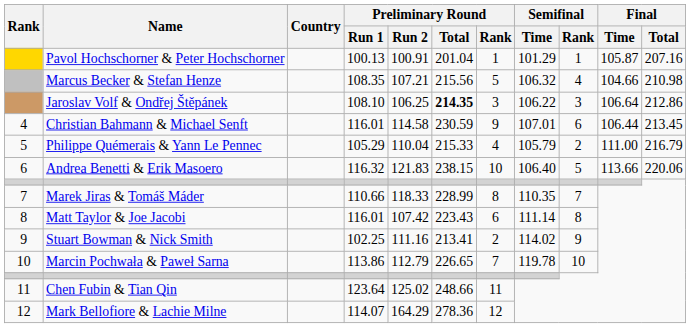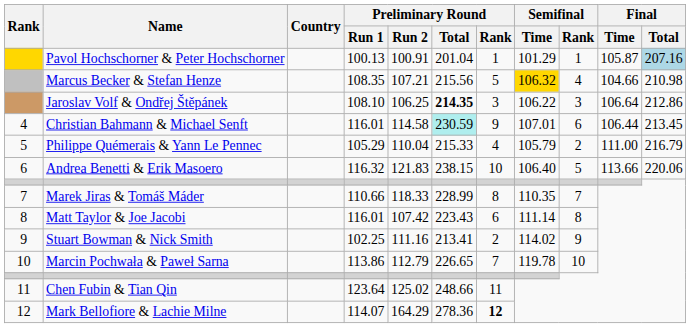 <table class="wikitable sortable" style="text-align:center">
 <tr>
 <th rowspan=2>Rank</th>
 <th rowspan=2>Name</th>
 <th rowspan=2>Country</th>
 <th colspan=4>Preliminary Round</th>
 <th colspan=2>Semifinal</th>
 <th colspan=2>Final</th>
 </tr>
 <tr>
 <th>Run 1</th>
 <th>Run 2</th>
 <th>Total</th>
 <th>Rank</th>
 <th>Time</th>
 <th>Rank</th>
 <th>Time</th>
 <th>Total</th>
 </tr>
 <tr>
 <td bgcolor=gold></td>
 <td align=left><a href='#'>Pavol Hochschorner</a> & <a href='#'>Peter Hochschorner</a></td>
 <td></td>
 <td>100.13</td>
 <td>100.91</td>
 <td>201.04</td>
 <td>1</td>
 <td>101.29</td>
 <td>1</td>
 <td>105.87</td>
-<td>207.16</td>
+<td style="background: lightblue;">207.16</td>
 </tr>
 <tr>
 <td bgcolor=silver></td>
 <td align=left><a href='#'>Marcus Becker</a> & <a href='#'>Stefan Henze</a></td>
 <td></td>
 <td>108.35</td>
 <td>107.21</td>
 <td>215.56</td>
 <td>5</td>
-<td>106.32</td>
+<td style="background: gold;">106.32</td>
 <td>4</td>
 <td>104.66</td>
 <td>210.98</td>
 </tr>
 <tr>
 <td bgcolor=cc9966></td>
 <td align=left><a href='#'>Jaroslav Volf</a> & <a href='#'>Ondřej Štěpánek</a></td>
 <td></td>
 <td>108.10</td>
 <td>106.25</td>
 <td><strong>214.35</strong></td>
 <td>3</td>
 <td>106.22</td>
 <td>3</td>
 <td>106.64</td>
 <td>212.86</td>
 </tr>
 <tr>
 <td>4</td>
 <td align=left><a href='#'>Christian Bahmann</a> & <a href='#'>Michael Senft</a></td>
 <td></td>
 <td>116.01</td>
 <td>114.58</td>
-<td>230.59</td>
+<td style="background: paleturquoise;">230.59</td>
 <td>9</td>
 <td>107.01</td>
 <td>6</td>
 <td>106.44</td>
 <td>213.45</td>
 </tr>
 <tr>
 <td>5</td>
 <td align=left><a href='#'>Philippe Quémerais</a> & <a href='#'>Yann Le Pennec</a></td>
 <td></td>
 <td>105.29</td>
 <td>110.04</td>
 <td>215.33</td>
 <td>4</td>
 <td>105.79</td>
 <td>2</td>
 <td>111.00</td>
 <td>216.79</td>
 </tr>
 <tr>
 <td>6</td>
 <td align=left><a href='#'>Andrea Benetti</a> & <a href='#'>Erik Masoero</a></td>
 <td></td>
 <td>116.32</td>
 <td>121.83</td>
 <td>238.15</td>
 <td>10</td>
 <td>106.40</td>
 <td>5</td>
 <td>113.66</td>
 <td>220.06</td>
 </tr>
 <tr bgcolor=lightgray>
 <td></td>
 <td></td>
 <td></td>
 <td></td>
 <td></td>
 <td></td>
 <td></td>
 <td></td>
 <td></td>
 <td></td>
 </tr>
 <tr>
 <td>7</td>
 <td align=left><a href='#'>Marek Jiras</a> & <a href='#'>Tomáš Máder</a></td>
 <td></td>
 <td>110.66</td>
 <td>118.33</td>
 <td>228.99</td>
 <td>8</td>
 <td>110.35</td>
 <td>7</td>
 </tr>
 <tr>
 <td>8</td>
 <td align=left><a href='#'>Matt Taylor</a> & <a href='#'>Joe Jacobi</a></td>
 <td></td>
 <td>116.01</td>
 <td>107.42</td>
 <td>223.43</td>
 <td>6</td>
 <td>111.14</td>
 <td>8</td>
 </tr>
 <tr>
 <td>9</td>
 <td align=left><a href='#'>Stuart Bowman</a> & <a href='#'>Nick Smith</a></td>
 <td></td>
 <td>102.25</td>
 <td>111.16</td>
 <td>213.41</td>
 <td>2</td>
 <td>114.02</td>
 <td>9</td>
 </tr>
 <tr>
 <td>10</td>
 <td align=left><a href='#'>Marcin Pochwała</a> & <a href='#'>Paweł Sarna</a></td>
 <td></td>
 <td>113.86</td>
 <td>112.79</td>
 <td>226.65</td>
 <td>7</td>
 <td>119.78</td>
 <td>10</td>
 </tr>
 <tr bgcolor=lightgray>
 <td></td>
 <td></td>
 <td></td>
 <td></td>
 <td></td>
 <td></td>
 <td></td>
 <td></td>
 </tr>
 <tr>
 <td>11</td>
 <td align=left><a href='#'>Chen Fubin</a> & <a href='#'>Tian Qin</a></td>
 <td></td>
 <td>123.64</td>
 <td>125.02</td>
 <td>248.66</td>
 <td>11</td>
 </tr>
 <tr>
 <td>12</td>
 <td align=left><a href='#'>Mark Bellofiore</a> & <a href='#'>Lachie Milne</a></td>
 <td></td>
 <td>114.07</td>
 <td>164.29</td>
 <td>278.36</td>
-<td>12</td>
+<td><strong>12</strong></td>
 </tr>
 </table>
